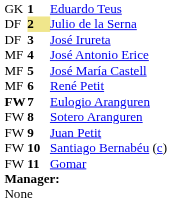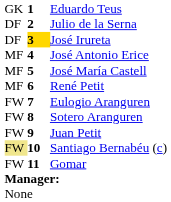 <table style="font-size: 90%" cellspacing="0" cellpadding="0" align=center>
 <tr>
 <td colspan="4"></td>
 </tr>
 <tr>
 <th width=25></th>
 <th width=25></th>
 </tr>
 <tr>
 <td>GK</td>
 <td><strong>1</strong></td>
 <td> <a href='#'>Eduardo Teus</a></td>
 </tr>
 <tr>
 <td>DF</td>
-<td style="background: khaki;"><strong>2</strong></td>
+<td><strong>2</strong></td>
 <td> <a href='#'>Julio de la Serna</a></td>
 </tr>
 <tr>
 <td>DF</td>
-<td><strong>3</strong></td>
+<td style="background: gold;"><strong>3</strong></td>
 <td> <a href='#'>José Irureta</a></td>
 </tr>
 <tr>
 <td>MF</td>
 <td><strong>4</strong></td>
 <td> <a href='#'>José Antonio Erice</a></td>
 </tr>
 <tr>
 <td>MF</td>
 <td><strong>5</strong></td>
 <td> <a href='#'>José María Castell</a></td>
 </tr>
 <tr>
 <td>MF</td>
 <td><strong>6</strong></td>
 <td> <a href='#'>René Petit</a></td>
 </tr>
 <tr>
-<td><strong>FW</strong></td>
+<td>FW</td>
 <td><strong>7</strong></td>
 <td> <a href='#'>Eulogio Aranguren</a></td>
 </tr>
 <tr>
 <td>FW</td>
 <td><strong>8</strong></td>
 <td> <a href='#'>Sotero Aranguren</a></td>
 </tr>
 <tr>
 <td>FW</td>
 <td><strong>9</strong></td>
 <td> <a href='#'>Juan Petit</a></td>
 </tr>
 <tr>
-<td>FW</td>
+<td style="background: khaki;">FW</td>
 <td><strong>10</strong></td>
 <td> <a href='#'>Santiago Bernabéu</a> (<a href='#'>c</a>)</td>
 </tr>
 <tr>
 <td>FW</td>
 <td><strong>11</strong></td>
 <td> <a href='#'>Gomar</a></td>
 </tr>
 <tr>
 <td colspan=3><strong>Manager:</strong></td>
 </tr>
 <tr>
 <td colspan=4>None</td>
 </tr>
 </table>
